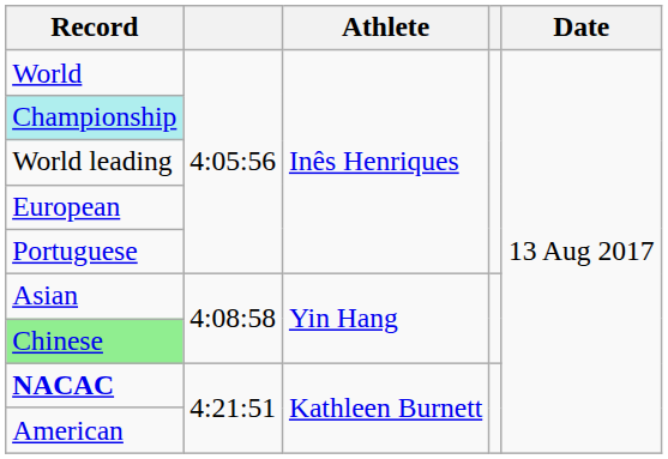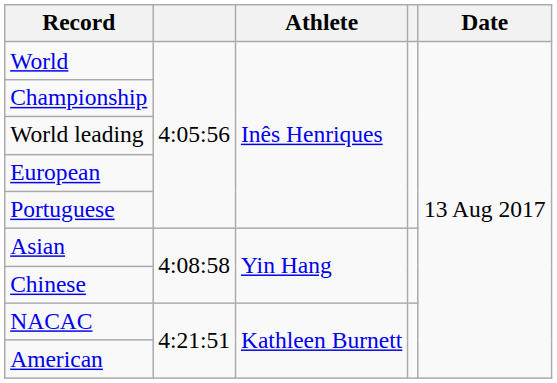 <table class="wikitable">
 <tr>
 <th>Record</th>
 <th></th>
 <th>Athlete</th>
 <th></th>
 <th>Date</th>
 </tr>
 <tr>
 <td><a href='#'>World</a></td>
 <td rowspan=5>4:05:56</td>
 <td rowspan=5><a href='#'>Inês Henriques</a></td>
 <td rowspan=5></td>
 <td rowspan=9 align=right>13 Aug 2017</td>
 </tr>
 <tr>
-<td style="background: paleturquoise;"><a href='#'>Championship</a></td>
+<td><a href='#'>Championship</a></td>
 </tr>
 <tr>
 <td>World leading</td>
 </tr>
 <tr>
 <td><a href='#'>European</a></td>
 </tr>
 <tr>
 <td><a href='#'>Portuguese</a></td>
 </tr>
 <tr>
 <td><a href='#'>Asian</a></td>
 <td rowspan=2>4:08:58</td>
 <td rowspan=2><a href='#'>Yin Hang</a></td>
 <td rowspan=2></td>
 </tr>
 <tr>
-<td style="background: lightgreen;"><a href='#'>Chinese</a></td>
+<td><a href='#'>Chinese</a></td>
 </tr>
 <tr>
-<td><strong><a href='#'>NACAC</a></strong></td>
+<td><a href='#'>NACAC</a></td>
 <td rowspan=2>4:21:51</td>
 <td rowspan=2><a href='#'>Kathleen Burnett</a></td>
 <td rowspan=2></td>
 </tr>
 <tr>
 <td><a href='#'>American</a></td>
 </tr>
 </table>
